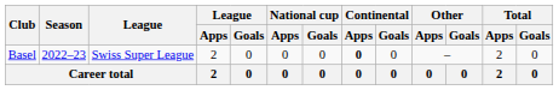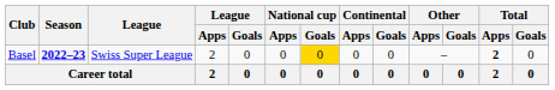 <table class="wikitable" style="text-align:center">
 <tr>
 <th rowspan="2">Club</th>
 <th rowspan="2">Season</th>
 <th rowspan="2">League</th>
 <th colspan="2">League</th>
 <th colspan="2">National cup</th>
 <th colspan="2">Continental</th>
 <th colspan="2">Other</th>
 <th colspan="2">Total</th>
 </tr>
 <tr>
 <th>Apps</th>
 <th>Goals</th>
 <th>Apps</th>
 <th>Goals</th>
 <th>Apps</th>
 <th>Goals</th>
 <th>Apps</th>
 <th>Goals</th>
 <th>Apps</th>
 <th>Goals</th>
 </tr>
 <tr>
 <td><a href='#'>Basel</a></td>
-<td><a href='#'>2022–23</a></td>
+<td><strong><a href='#'>2022–23</a></strong></td>
 <td><a href='#'>Swiss Super League</a></td>
 <td>2</td>
 <td>0</td>
 <td>0</td>
+<td style="background: gold;">0</td>
 <td>0</td>
-<td><strong>0</strong></td>
 <td>0</td>
 <td colspan="2">–</td>
-<td>2</td>
+<td><strong>2</strong></td>
 <td>0</td>
 </tr>
 <tr>
 <th colspan="3">Career total</th>
 <th>2</th>
 <th>0</th>
 <th>0</th>
 <th>0</th>
 <th>0</th>
 <th>0</th>
 <th>0</th>
 <th>0</th>
 <th>2</th>
 <th>0</th>
 </tr>
 </table>
